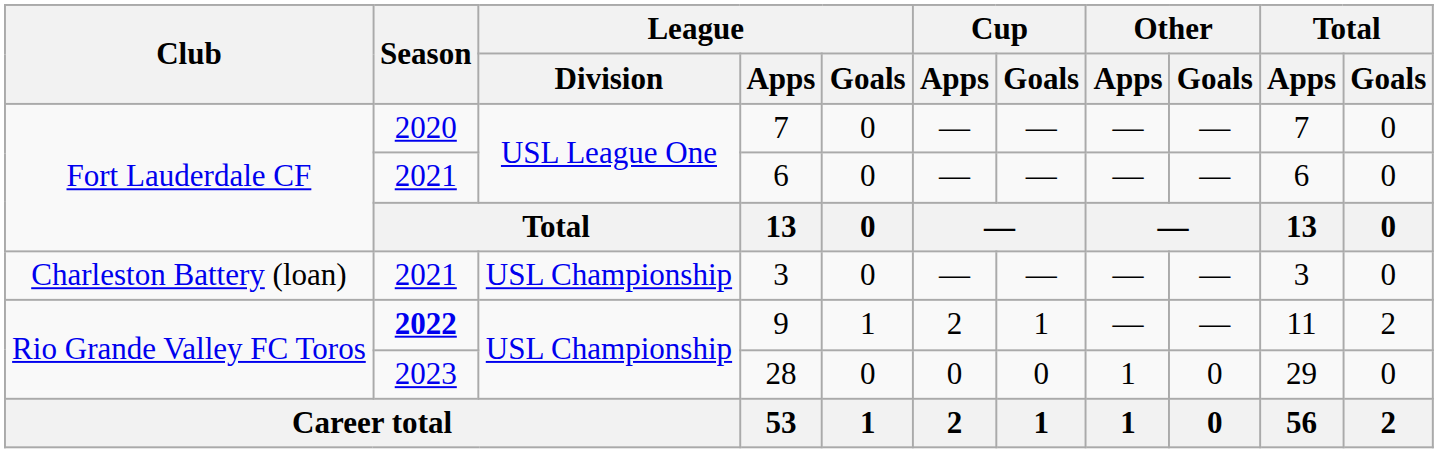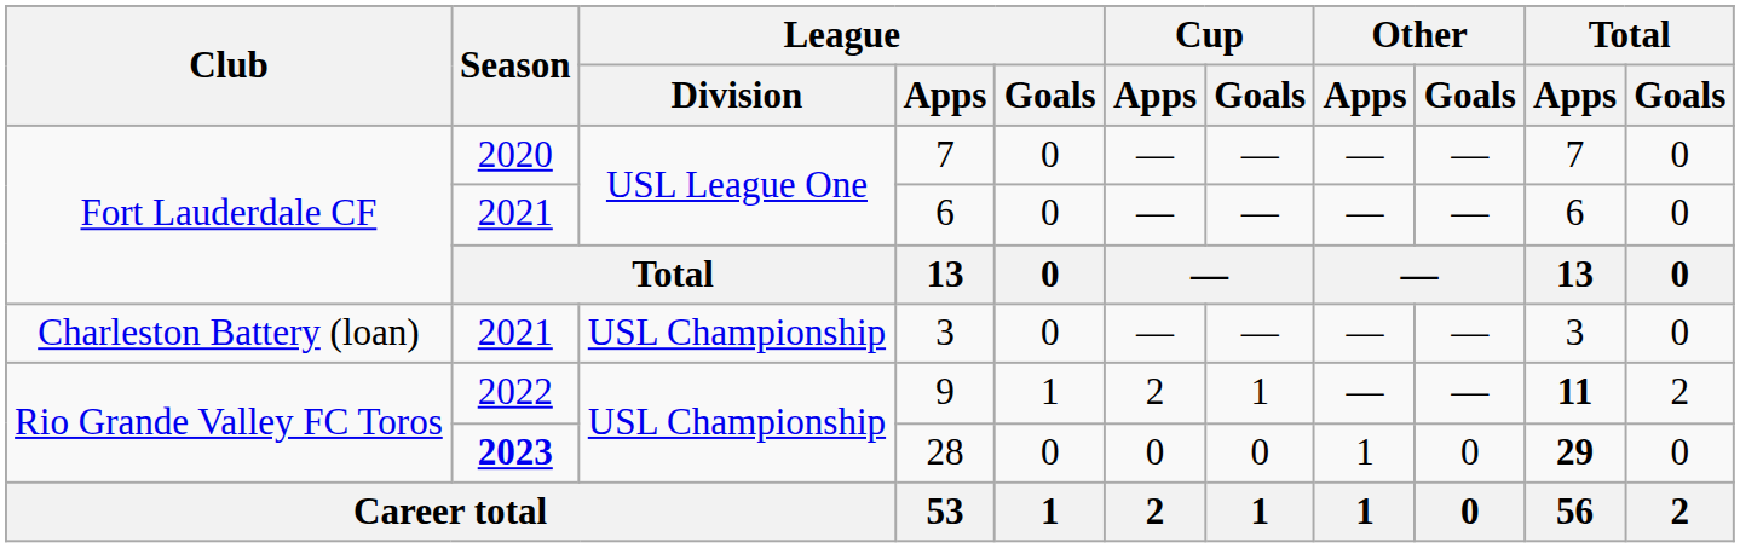 <table class=wikitable style=text-align:center>
 <tr>
 <th rowspan=2>Club</th>
 <th rowspan=2>Season</th>
 <th colspan=3>League</th>
 <th colspan=2>Cup</th>
 <th colspan=2>Other</th>
 <th colspan=2>Total</th>
 </tr>
 <tr>
 <th>Division</th>
 <th>Apps</th>
 <th>Goals</th>
 <th>Apps</th>
 <th>Goals</th>
 <th>Apps</th>
 <th>Goals</th>
 <th>Apps</th>
 <th>Goals</th>
 </tr>
 <tr>
 <td rowspan=3><a href='#'>Fort Lauderdale CF</a></td>
 <td><a href='#'>2020</a></td>
 <td rowspan=2><a href='#'>USL League One</a></td>
 <td>7</td>
 <td>0</td>
 <td>—</td>
 <td>—</td>
 <td>—</td>
 <td>—</td>
 <td>7</td>
 <td>0</td>
 </tr>
 <tr>
 <td><a href='#'>2021</a></td>
 <td>6</td>
 <td>0</td>
 <td>—</td>
 <td>—</td>
 <td>—</td>
 <td>—</td>
 <td>6</td>
 <td>0</td>
 </tr>
 <tr>
 <th colspan=2>Total</th>
 <th>13</th>
 <th>0</th>
 <th colspan=2>—</th>
 <th colspan=2>—</th>
 <th>13</th>
 <th>0</th>
 </tr>
 <tr>
 <td><a href='#'>Charleston Battery</a> (loan)</td>
 <td><a href='#'>2021</a></td>
 <td><a href='#'>USL Championship</a></td>
 <td>3</td>
 <td>0</td>
 <td>—</td>
 <td>—</td>
 <td>—</td>
 <td>—</td>
 <td>3</td>
 <td>0</td>
 </tr>
 <tr>
 <td rowspan=2><a href='#'>Rio Grande Valley FC Toros</a></td>
-<td><strong><a href='#'>2022</a></strong></td>
+<td><a href='#'>2022</a></td>
 <td rowspan=2><a href='#'>USL Championship</a></td>
 <td>9</td>
 <td>1</td>
 <td>2</td>
 <td>1</td>
 <td>—</td>
 <td>—</td>
-<td>11</td>
+<td><strong>11</strong></td>
 <td>2</td>
 </tr>
 <tr>
-<td><a href='#'>2023</a></td>
+<td><strong><a href='#'>2023</a></strong></td>
 <td>28</td>
 <td>0</td>
 <td>0</td>
 <td>0</td>
 <td>1</td>
 <td>0</td>
-<td>29</td>
+<td><strong>29</strong></td>
 <td>0</td>
 </tr>
 <tr>
 <th colspan=3>Career total</th>
 <th>53</th>
 <th>1</th>
 <th>2</th>
 <th>1</th>
 <th>1</th>
 <th>0</th>
 <th>56</th>
 <th>2</th>
 </tr>
 </table>
